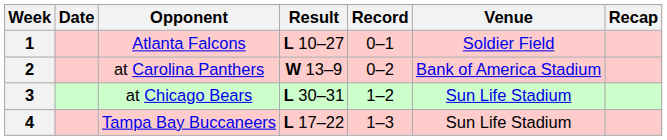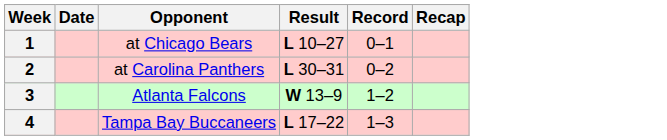 <table class="wikitable" style="text-align:center">
 <tr>
 <th>Week</th>
 <th>Date</th>
 <th>Opponent</th>
 <th>Result</th>
 <th>Record</th>
-<th>Venue</th>
 <th>Recap</th>
 </tr>
 <tr style="background:#fcc">
 <th>1</th>
 <td></td>
-<td><a href='#'>Atlanta Falcons</a></td>
+<td>at <a href='#'>Chicago Bears</a></td>
 <td><strong>L</strong> 10–27</td>
 <td>0–1</td>
-<td><a href='#'>Soldier Field</a></td>
 <td></td>
 </tr>
 <tr style="background:#fcc">
 <th>2</th>
 <td></td>
 <td>at <a href='#'>Carolina Panthers</a></td>
-<td><strong>W</strong> 13–9</td>
+<td><strong>L</strong> 30–31</td>
 <td>0–2</td>
-<td><a href='#'>Bank of America Stadium</a></td>
 <td></td>
 </tr>
 <tr style="background:#cfc">
 <th>3</th>
 <td></td>
-<td>at <a href='#'>Chicago Bears</a></td>
-<td><strong>L</strong> 30–31</td>
+<td><a href='#'>Atlanta Falcons</a></td>
+<td><strong>W</strong> 13–9</td>
 <td>1–2</td>
-<td><a href='#'>Sun Life Stadium</a></td>
 <td></td>
 </tr>
 <tr style="background:#fcc">
 <th>4</th>
 <td></td>
 <td><a href='#'>Tampa Bay Buccaneers</a></td>
 <td><strong>L</strong> 17–22</td>
 <td>1–3</td>
-<td>Sun Life Stadium</td>
 <td></td>
 </tr>
 </table>
